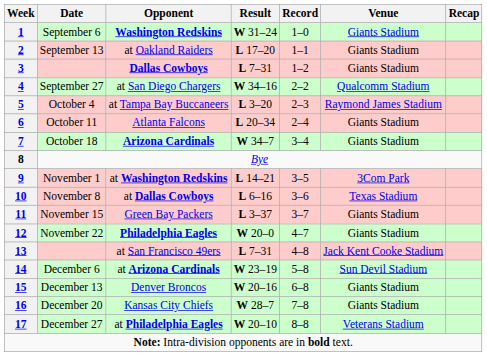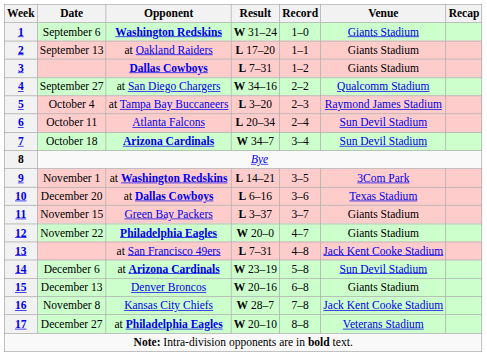 <table class="wikitable" style="text-align:center">
 <tr>
 <th>Week</th>
 <th>Date</th>
 <th>Opponent</th>
 <th>Result</th>
 <th>Record</th>
 <th>Venue</th>
 <th>Recap</th>
 </tr>
 <tr style="background:#cfc">
 <th><a href='#'>1</a></th>
 <td>September 6</td>
 <td><strong><a href='#'>Washington Redskins</a></strong></td>
 <td><strong>W</strong> 31–24</td>
 <td>1–0</td>
 <td><a href='#'>Giants Stadium</a></td>
 <td></td>
 </tr>
 <tr style="background:#fcc">
 <th><a href='#'>2</a></th>
 <td>September 13</td>
 <td>at <a href='#'>Oakland Raiders</a></td>
 <td><strong>L</strong> 17–20</td>
 <td>1–1</td>
 <td>Giants Stadium</td>
 <td></td>
 </tr>
 <tr style="background:#fcc">
 <th><a href='#'>3</a></th>
 <td></td>
 <td><strong><a href='#'>Dallas Cowboys</a></strong></td>
 <td><strong>L</strong> 7–31</td>
 <td>1–2</td>
 <td>Giants Stadium</td>
 <td></td>
 </tr>
 <tr style="background:#cfc">
 <th><a href='#'>4</a></th>
 <td>September 27</td>
 <td>at <a href='#'>San Diego Chargers</a></td>
 <td><strong>W</strong> 34–16</td>
 <td>2–2</td>
 <td><a href='#'>Qualcomm Stadium</a></td>
 <td></td>
 </tr>
 <tr style="background:#fcc">
 <th><a href='#'>5</a></th>
 <td>October 4</td>
 <td>at <a href='#'>Tampa Bay Buccaneers</a></td>
 <td><strong>L</strong> 3–20</td>
 <td>2–3</td>
 <td><a href='#'>Raymond James Stadium</a></td>
 <td></td>
 </tr>
 <tr style="background:#fcc">
 <th><a href='#'>6</a></th>
 <td>October 11</td>
 <td><a href='#'>Atlanta Falcons</a></td>
 <td><strong>L</strong> 20–34</td>
 <td>2–4</td>
-<td>Giants Stadium</td>
+<td><a href='#'>Sun Devil Stadium</a></td>
 <td></td>
 </tr>
 <tr style="background:#cfc">
 <th><a href='#'>7</a></th>
 <td>October 18</td>
 <td><strong><a href='#'>Arizona Cardinals</a></strong></td>
 <td><strong>W</strong> 34–7</td>
 <td>3–4</td>
-<td>Giants Stadium</td>
+<td><a href='#'>Sun Devil Stadium</a></td>
 <td></td>
 </tr>
 <tr>
 <th>8</th>
 <td colspan=7 align="center"><em><a href='#'>Bye</a></em></td>
 </tr>
 <tr style="background:#fcc">
 <th><a href='#'>9</a></th>
 <td>November 1</td>
 <td>at <strong><a href='#'>Washington Redskins</a></strong></td>
 <td><strong>L</strong> 14–21</td>
 <td>3–5</td>
 <td><a href='#'>3Com Park</a></td>
 <td></td>
 </tr>
 <tr style="background:#fcc">
 <th><a href='#'>10</a></th>
-<td>November 8</td>
+<td>December 20</td>
 <td>at <strong><a href='#'>Dallas Cowboys</a></strong></td>
 <td><strong>L</strong> 6–16</td>
 <td>3–6</td>
 <td><a href='#'>Texas Stadium</a></td>
 <td></td>
 </tr>
 <tr style="background:#fcc">
 <th><a href='#'>11</a></th>
 <td>November 15</td>
 <td><a href='#'>Green Bay Packers</a></td>
 <td><strong>L</strong> 3–37</td>
 <td>3–7</td>
 <td>Giants Stadium</td>
 <td></td>
 </tr>
 <tr style="background:#cfc">
 <th><a href='#'>12</a></th>
 <td>November 22</td>
 <td><strong><a href='#'>Philadelphia Eagles</a></strong></td>
 <td><strong>W</strong> 20–0</td>
 <td>4–7</td>
 <td>Giants Stadium</td>
 <td></td>
 </tr>
 <tr style="background:#fcc">
 <th><a href='#'>13</a></th>
 <td></td>
 <td>at <a href='#'>San Francisco 49ers</a></td>
 <td><strong>L</strong> 7–31</td>
 <td>4–8</td>
 <td><a href='#'>Jack Kent Cooke Stadium</a></td>
 <td></td>
 </tr>
 <tr style="background:#cfc">
 <th><a href='#'>14</a></th>
 <td>December 6</td>
 <td>at <strong><a href='#'>Arizona Cardinals</a></strong></td>
 <td><strong>W</strong> 23–19</td>
 <td>5–8</td>
 <td><a href='#'>Sun Devil Stadium</a></td>
 <td></td>
 </tr>
 <tr style="background:#cfc">
 <th><a href='#'>15</a></th>
 <td>December 13</td>
 <td><a href='#'>Denver Broncos</a></td>
 <td><strong>W</strong> 20–16</td>
 <td>6–8</td>
 <td>Giants Stadium</td>
 <td></td>
 </tr>
 <tr style="background:#cfc">
 <th><a href='#'>16</a></th>
-<td>December 20</td>
+<td>November 8</td>
 <td><a href='#'>Kansas City Chiefs</a></td>
 <td><strong>W</strong> 28–7</td>
 <td>7–8</td>
-<td>Giants Stadium</td>
+<td><a href='#'>Jack Kent Cooke Stadium</a></td>
 <td></td>
 </tr>
 <tr style="background:#cfc">
 <th><a href='#'>17</a></th>
 <td>December 27</td>
 <td>at <strong><a href='#'>Philadelphia Eagles</a></strong></td>
 <td><strong>W</strong> 20–10</td>
 <td>8–8</td>
 <td><a href='#'>Veterans Stadium</a></td>
 <td></td>
 </tr>
 <tr>
 <td colspan="8"><strong>Note:</strong> Intra-division opponents are in <strong>bold</strong> text.</td>
 </tr>
 </table>
